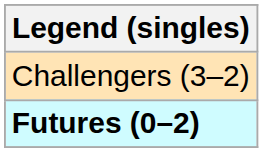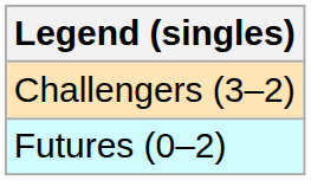 <table class="wikitable">
 <tr>
 <th>Legend (singles)</th>
 </tr>
 <tr bgcolor="moccasin">
 <td>Challengers (3–2)</td>
 </tr>
 <tr bgcolor="CFFCFF">
-<td><strong>Futures (0–2)</strong></td>
+<td>Futures (0–2)</td>
 </tr>
 </table>
